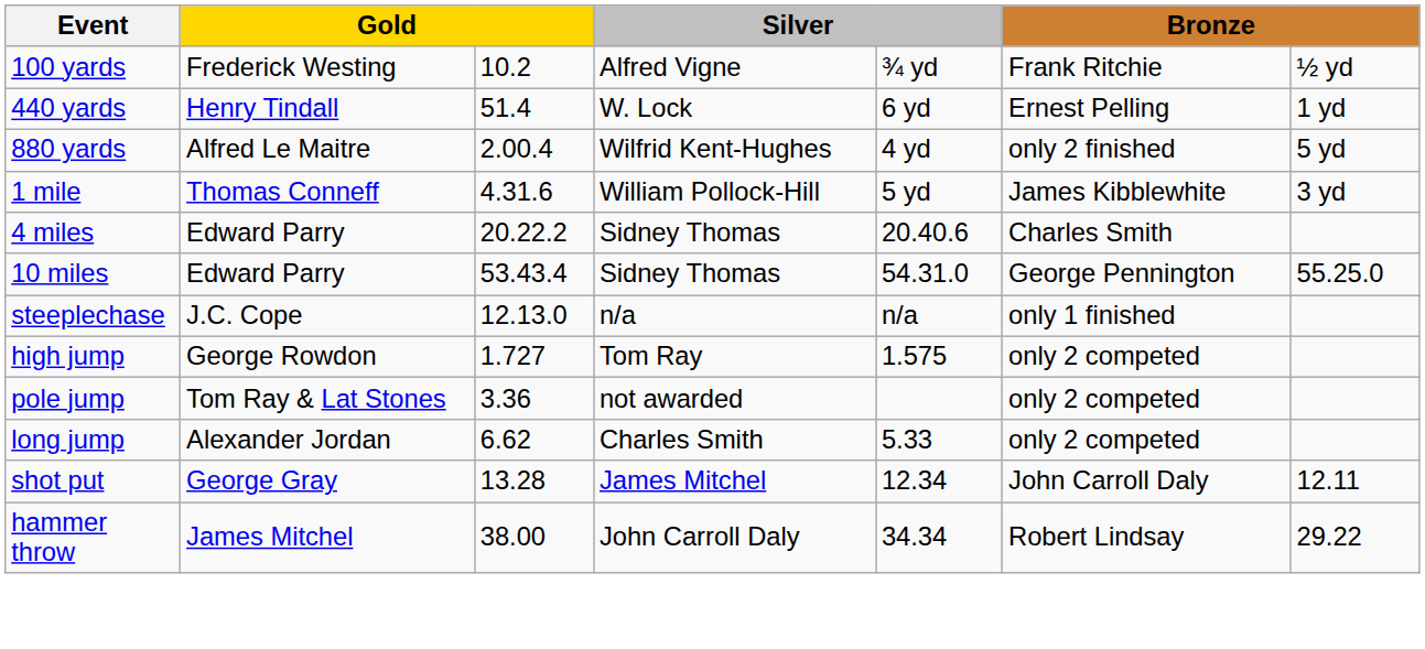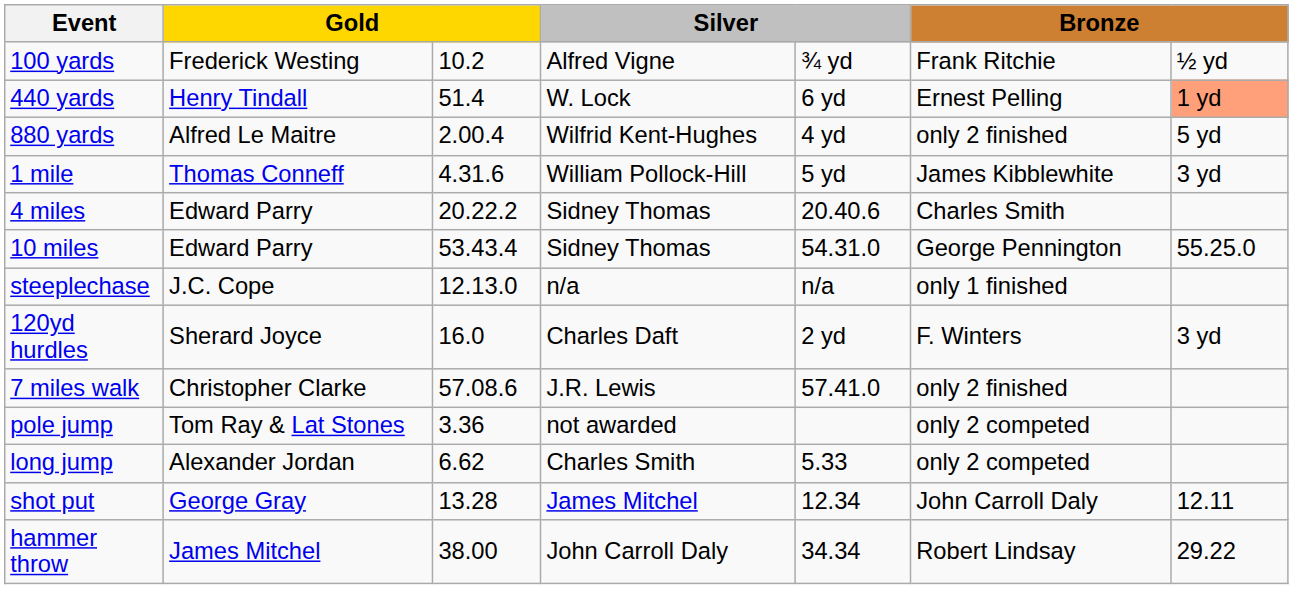 <table class="wikitable" style="text-align:left">
 <tr>
 <th width=100>Event</th>
 <th colspan="2" width="280" style="background:gold;">Gold</th>
 <th colspan="2" width="280" style="background:silver;">Silver</th>
 <th colspan="2" width="280" style="background:#CD7F32;">Bronze</th>
 </tr>
 <tr>
 <td><a href='#'>100 yards</a></td>
 <td> Frederick Westing</td>
 <td>10.2</td>
 <td> Alfred Vigne</td>
 <td>¾ yd</td>
 <td>Frank Ritchie</td>
 <td>½ yd</td>
 </tr>
 <tr>
 <td><a href='#'>440 yards</a></td>
 <td><a href='#'>Henry Tindall</a></td>
 <td>51.4</td>
 <td>W. Lock</td>
 <td>6 yd</td>
 <td>Ernest Pelling</td>
-<td>1 yd</td>
+<td style="background: lightsalmon;">1 yd</td>
 </tr>
 <tr>
 <td><a href='#'>880 yards</a></td>
 <td>Alfred Le Maitre</td>
 <td>2.00.4</td>
 <td> Wilfrid Kent-Hughes</td>
 <td>4 yd</td>
 <td>only 2 finished</td>
 <td>5 yd</td>
 </tr>
 <tr>
 <td><a href='#'>1 mile</a></td>
 <td> <a href='#'>Thomas Conneff</a></td>
 <td>4.31.6</td>
 <td>William Pollock-Hill</td>
 <td>5 yd</td>
 <td>James Kibblewhite</td>
 <td>3 yd</td>
 </tr>
 <tr>
 <td><a href='#'>4 miles</a></td>
 <td>Edward Parry</td>
 <td>20.22.2</td>
 <td>Sidney Thomas</td>
 <td>20.40.6</td>
 <td> Charles Smith</td>
 <td></td>
 </tr>
 <tr>
 <td><a href='#'>10 miles</a></td>
 <td>Edward Parry</td>
 <td>53.43.4</td>
 <td>Sidney Thomas</td>
 <td>54.31.0</td>
 <td>George Pennington</td>
 <td>55.25.0</td>
 </tr>
 <tr>
 <td><a href='#'>steeplechase</a></td>
 <td>J.C. Cope</td>
 <td>12.13.0</td>
 <td>n/a</td>
 <td>n/a</td>
 <td>only 1 finished</td>
 <td></td>
 </tr>
 <tr>
-<td><a href='#'>high jump</a></td>
-<td>George Rowdon</td>
-<td>1.727</td>
-<td>Tom Ray</td>
-<td>1.575</td>
-<td>only 2 competed</td>
+<td><a href='#'>120yd hurdles</a></td>
+<td>Sherard Joyce</td>
+<td>16.0</td>
+<td>Charles Daft</td>
+<td>2 yd</td>
+<td>F. Winters</td>
+<td>3 yd</td>
+</tr>
+<tr>
+<td><a href='#'>7 miles walk</a></td>
+<td> Christopher Clarke</td>
+<td>57.08.6</td>
+<td>J.R. Lewis</td>
+<td>57.41.0</td>
+<td>only 2 finished</td>
 <td></td>
 </tr>
 <tr>
 <td><a href='#'>pole jump</a></td>
 <td>Tom Ray & <a href='#'>Lat Stones</a></td>
 <td>3.36</td>
 <td>not awarded</td>
 <td></td>
 <td>only 2 competed</td>
 <td></td>
 </tr>
 <tr>
 <td><a href='#'>long jump</a></td>
 <td> Alexander Jordan</td>
 <td>6.62</td>
 <td> Charles Smith</td>
 <td>5.33</td>
 <td>only 2 competed</td>
 <td></td>
 </tr>
 <tr>
 <td><a href='#'>shot put</a></td>
 <td> <a href='#'>George Gray</a></td>
 <td>13.28</td>
 <td> <a href='#'>James Mitchel</a></td>
 <td>12.34</td>
 <td>	John Carroll Daly</td>
 <td>12.11</td>
 </tr>
 <tr>
 <td><a href='#'>hammer throw</a></td>
 <td> <a href='#'>James Mitchel</a></td>
 <td>38.00</td>
 <td>	John Carroll Daly</td>
 <td>34.34</td>
 <td>Robert Lindsay</td>
 <td>29.22</td>
 </tr>
 </table>
